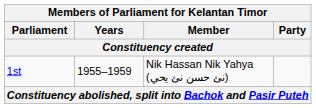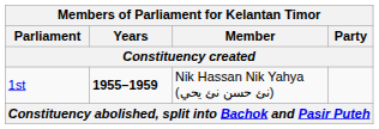 <table class="wikitable">
 <tr>
 <th colspan="4">Members of Parliament for Kelantan Timor</th>
 </tr>
 <tr>
 <th>Parliament</th>
 <th>Years</th>
 <th>Member</th>
 <th>Party</th>
 </tr>
 <tr>
 <th colspan="4"><em>Constituency created</em></th>
 </tr>
 <tr>
 <td><a href='#'>1st</a></td>
-<td>1955–1959</td>
+<td><strong>1955–1959</strong></td>
 <td>Nik Hassan Nik Yahya <br>  (نئ حسن نئ يحي)</td>
 <td></td>
 </tr>
 <tr>
 <th colspan="4"><em>Constituency abolished, split into <a href='#'>Bachok</a> and <a href='#'>Pasir Puteh</a></em></th>
 </tr>
 </table>
